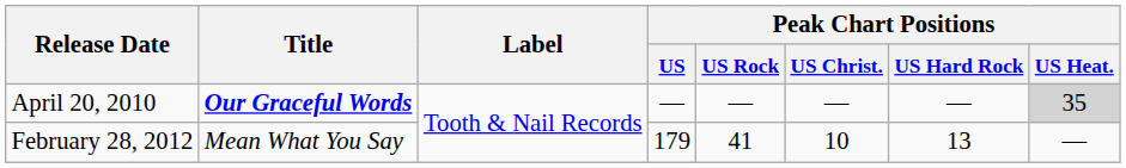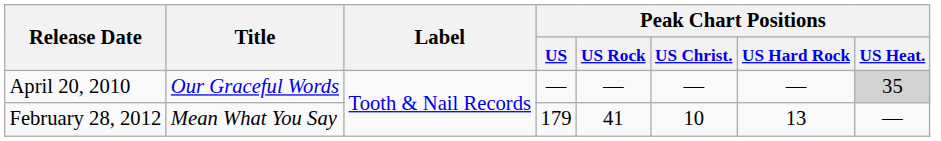 <table class="wikitable">
 <tr>
 <th rowspan="2">Release Date</th>
 <th rowspan="2">Title</th>
 <th rowspan="2">Label</th>
 <th colspan="5">Peak Chart Positions</th>
 </tr>
 <tr>
 <th><small><a href='#'>US</a></small></th>
 <th><small><a href='#'>US Rock</a></small></th>
 <th><small><a href='#'>US Christ.</a></small></th>
 <th><small><a href='#'>US Hard Rock</a></small></th>
 <th><small><a href='#'>US Heat.</a></small></th>
 </tr>
 <tr>
 <td>April 20, 2010</td>
-<td><strong><em><a href='#'>Our Graceful Words</a></em></strong></td>
+<td><em><a href='#'>Our Graceful Words</a></em></td>
 <td rowspan="2"><a href='#'>Tooth & Nail Records</a></td>
 <td style="text-align:center;">—</td>
 <td style="text-align:center;">—</td>
 <td style="text-align:center;">—</td>
 <td style="text-align:center;">—</td>
 <td style="background: lightgrey; text-align:center;">35</td>
 </tr>
 <tr>
 <td>February 28, 2012</td>
 <td><em>Mean What You Say</em></td>
 <td style="text-align:center;">179</td>
 <td style="text-align:center;">41</td>
 <td style="text-align:center;">10</td>
 <td style="text-align:center;">13</td>
 <td style="text-align:center;">—</td>
 </tr>
 </table>
